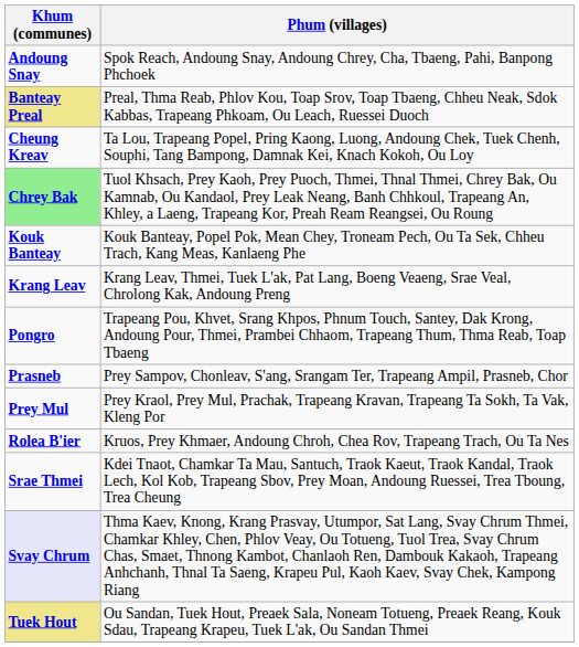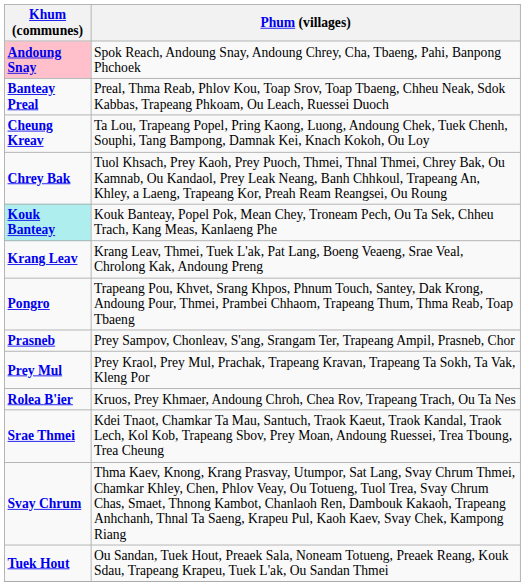 <table class="wikitable">
 <tr>
 <th><a href='#'>Khum</a> (communes)</th>
 <th><a href='#'>Phum</a> (villages)</th>
 </tr>
 <tr>
-<td><strong><a href='#'>Andoung Snay</a></strong></td>
+<td style="background: pink;"><strong><a href='#'>Andoung Snay</a></strong></td>
 <td>Spok Reach, Andoung Snay, Andoung Chrey, Cha, Tbaeng, Pahi, Banpong Phchoek</td>
 </tr>
 <tr>
-<td style="background: khaki;"><strong><a href='#'>Banteay Preal</a></strong></td>
+<td><strong><a href='#'>Banteay Preal</a></strong></td>
 <td>Preal, Thma Reab, Phlov Kou, Toap Srov, Toap Tbaeng, Chheu Neak, Sdok Kabbas, Trapeang Phkoam, Ou Leach, Ruessei Duoch</td>
 </tr>
 <tr>
 <td><strong><a href='#'>Cheung Kreav</a></strong></td>
 <td>Ta Lou, Trapeang Popel, Pring Kaong, Luong, Andoung Chek, Tuek Chenh, Souphi, Tang Bampong, Damnak Kei, Knach Kokoh, Ou Loy</td>
 </tr>
 <tr>
-<td style="background: lightgreen;"><strong><a href='#'>Chrey Bak</a></strong></td>
+<td><strong><a href='#'>Chrey Bak</a></strong></td>
 <td>Tuol Khsach, Prey Kaoh, Prey Puoch, Thmei, Thnal Thmei, Chrey Bak, Ou Kamnab, Ou Kandaol, Prey Leak Neang, Banh Chhkoul, Trapeang An, Khley, a Laeng, Trapeang Kor, Preah Ream Reangsei, Ou Roung</td>
 </tr>
 <tr>
-<td><strong><a href='#'>Kouk Banteay</a></strong></td>
+<td style="background: paleturquoise;"><strong><a href='#'>Kouk Banteay</a></strong></td>
 <td>Kouk Banteay, Popel Pok, Mean Chey, Troneam Pech, Ou Ta Sek, Chheu Trach, Kang Meas, Kanlaeng Phe</td>
 </tr>
 <tr>
 <td><strong><a href='#'>Krang Leav</a></strong></td>
 <td>Krang Leav, Thmei, Tuek L'ak, Pat Lang, Boeng Veaeng, Srae Veal, Chrolong Kak, Andoung Preng</td>
 </tr>
 <tr>
 <td><strong><a href='#'>Pongro</a></strong></td>
 <td>Trapeang Pou, Khvet, Srang Khpos, Phnum Touch, Santey, Dak Krong, Andoung Pour, Thmei, Prambei Chhaom, Trapeang Thum, Thma Reab, Toap Tbaeng</td>
 </tr>
 <tr>
 <td><strong><a href='#'>Prasneb</a></strong></td>
 <td>Prey Sampov, Chonleav, S'ang, Srangam Ter, Trapeang Ampil, Prasneb, Chor</td>
 </tr>
 <tr>
 <td><strong><a href='#'>Prey Mul</a></strong></td>
 <td>Prey Kraol, Prey Mul, Prachak, Trapeang Kravan, Trapeang Ta Sokh, Ta Vak, Kleng Por</td>
 </tr>
 <tr>
 <td><strong><a href='#'>Rolea B'ier</a></strong></td>
 <td>Kruos, Prey Khmaer, Andoung Chroh, Chea Rov, Trapeang Trach, Ou Ta Nes</td>
 </tr>
 <tr>
 <td><strong><a href='#'>Srae Thmei</a></strong></td>
 <td>Kdei Tnaot, Chamkar Ta Mau, Santuch, Traok Kaeut, Traok Kandal, Traok Lech, Kol Kob, Trapeang Sbov, Prey Moan, Andoung Ruessei, Trea Tboung, Trea Cheung</td>
 </tr>
 <tr>
-<td style="background: lavender;"><strong><a href='#'>Svay Chrum</a></strong></td>
+<td><strong><a href='#'>Svay Chrum</a></strong></td>
 <td>Thma Kaev, Knong, Krang Prasvay, Utumpor, Sat Lang, Svay Chrum Thmei, Chamkar Khley, Chen, Phlov Veay, Ou Totueng, Tuol Trea, Svay Chrum Chas, Smaet, Thnong Kambot, Chanlaoh Ren, Dambouk Kakaoh, Trapeang Anhchanh, Thnal Ta Saeng, Krapeu Pul, Kaoh Kaev, Svay Chek, Kampong Riang</td>
 </tr>
 <tr>
-<td style="background: khaki;"><strong><a href='#'>Tuek Hout</a></strong></td>
+<td><strong><a href='#'>Tuek Hout</a></strong></td>
 <td>Ou Sandan, Tuek Hout, Preaek Sala, Noneam Totueng, Preaek Reang, Kouk Sdau, Trapeang Krapeu, Tuek L'ak, Ou Sandan Thmei</td>
 </tr>
 <tr>
 </tr>
 </table>
